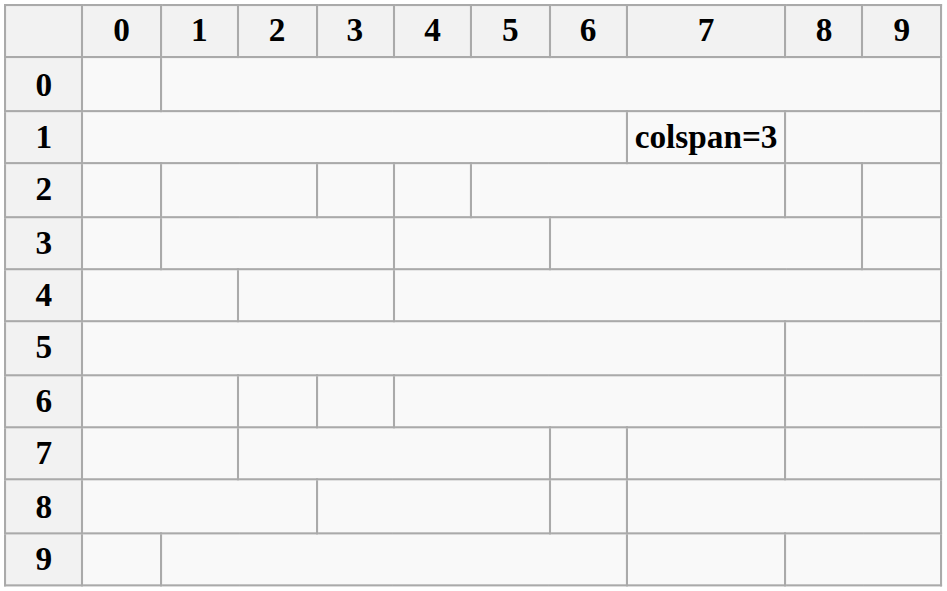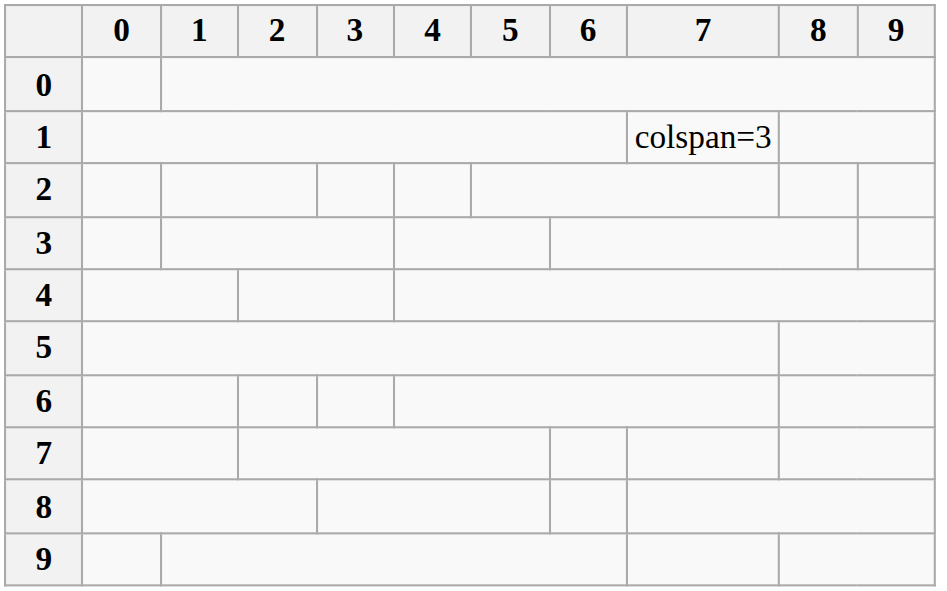 <table class=wikitable style="text-align:center;">
 <tr>
 <th width=30></th>
 <th width=30>0</th>
 <th width=30>1</th>
 <th width=30>2</th>
 <th width=30>3</th>
 <th width=30>4</th>
 <th width=30>5</th>
 <th width=30>6</th>
 <th width=30>7</th>
 <th width=30>8</th>
 <th width=30>9</th>
 </tr>
 <tr>
 <th>0</th>
 <td></td>
 <td colspan=9></td>
 </tr>
 <tr>
 <th>1</th>
 <td colspan=7></td>
-<td><strong>colspan=3 </strong></td>
+<td>colspan=3 </td>
 </tr>
 <tr>
 <th>2</th>
 <td></td>
 <td colspan=2></td>
 <td></td>
 <td></td>
 <td colspan=3></td>
 <td></td>
 <td></td>
 </tr>
 <tr>
 <th>3</th>
 <td></td>
 <td colspan=3></td>
 <td colspan=2></td>
 <td colspan=3></td>
 <td></td>
 </tr>
 <tr>
 <th>4</th>
 <td colspan=2></td>
 <td colspan=2></td>
 <td colspan=6></td>
 </tr>
 <tr>
 <th>5</th>
 <td colspan=8></td>
 <td colspan=2></td>
 </tr>
 <tr>
 <th>6</th>
 <td colspan=2></td>
 <td></td>
 <td></td>
 <td colspan=4></td>
 <td colspan=2></td>
 </tr>
 <tr>
 <th>7</th>
 <td colspan=2></td>
 <td colspan=4></td>
 <td></td>
 <td></td>
 <td colspan=2></td>
 </tr>
 <tr>
 <th>8</th>
 <td colspan=3></td>
 <td colspan=3></td>
 <td></td>
 <td colspan=3></td>
 </tr>
 <tr>
 <th>9</th>
 <td></td>
 <td colspan=6></td>
 <td></td>
 <td colspan=2></td>
 </tr>
 </table>
